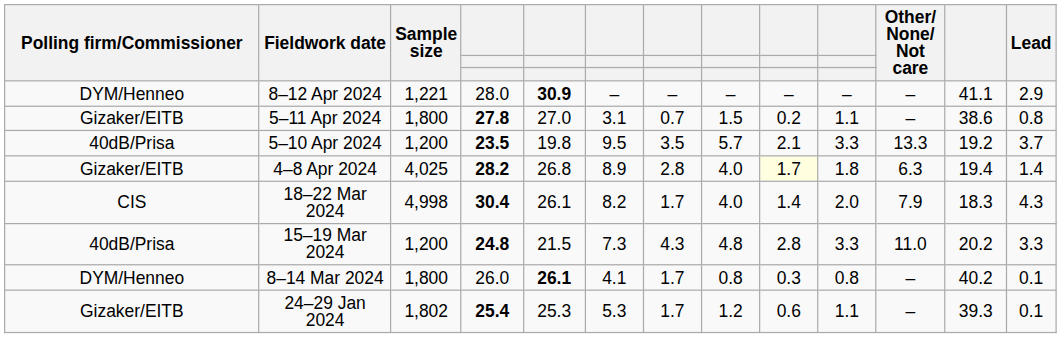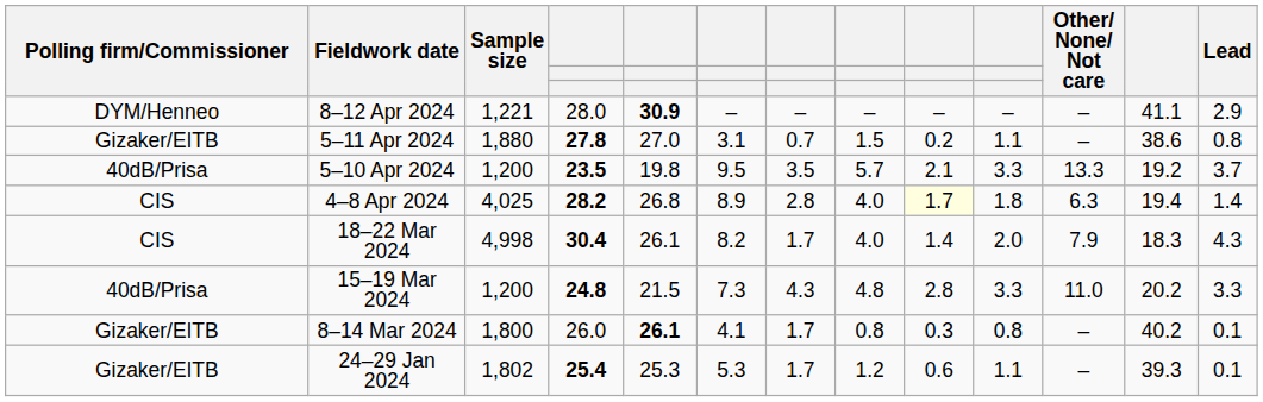 <table class="wikitable collapsible collapsed" style="text-align:center; font-size:90%; line-height:14px;">
 <tr style="height:42px;">
 <th style="width:250px;" rowspan="3">Polling firm/Commissioner</th>
 <th style="width:125px;" rowspan="3">Fieldwork date</th>
 <th style="width:50px;" rowspan="3">Sample size</th>
 <th style="width:55px;"></th>
 <th style="width:55px;"></th>
 <th style="width:55px;"></th>
 <th style="width:55px;"></th>
 <th style="width:55px;"></th>
 <th style="width:55px;"></th>
 <th style="width:55px;"></th>
 <th style="width:55px;" rowspan="3">Other/<br>None/<br>Not<br>care</th>
 <th style="width:55px;" rowspan="3"></th>
 <th style="width:30px;" rowspan="3">Lead</th>
 </tr>
 <tr>
 <th style="color:inherit;background:"></th>
 <th style="color:inherit;background:"></th>
 <th style="color:inherit;background:"></th>
 <th style="color:inherit;background:"></th>
 <th style="color:inherit;background:"></th>
 <th style="color:inherit;background:"></th>
 <th style="color:inherit;background:"></th>
 </tr>
 <tr>
 <th></th>
 <th></th>
 <th></th>
 <th></th>
 <th></th>
 <th></th>
 <th></th>
 </tr>
 <tr>
 <td>DYM/Henneo</td>
 <td>8–12 Apr 2024</td>
 <td>1,221</td>
 <td>28.0</td>
 <td><strong>30.9</strong></td>
 <td>–</td>
 <td>–</td>
 <td>–</td>
 <td>–</td>
 <td>–</td>
 <td>–</td>
 <td>41.1</td>
 <td style="background:">2.9</td>
 </tr>
 <tr>
 <td>Gizaker/EITB</td>
 <td>5–11 Apr 2024</td>
-<td>1,800</td>
+<td>1,880</td>
 <td><strong>27.8</strong></td>
 <td>27.0</td>
 <td>3.1</td>
 <td>0.7</td>
 <td>1.5</td>
 <td>0.2</td>
 <td>1.1</td>
 <td>–</td>
 <td>38.6</td>
 <td style="background:">0.8</td>
 </tr>
 <tr>
 <td>40dB/Prisa</td>
 <td>5–10 Apr 2024</td>
 <td>1,200</td>
 <td><strong>23.5</strong></td>
 <td>19.8</td>
 <td>9.5</td>
 <td>3.5</td>
 <td>5.7</td>
 <td>2.1</td>
 <td>3.3</td>
 <td>13.3</td>
 <td>19.2</td>
 <td style="background:">3.7</td>
 </tr>
 <tr>
-<td>Gizaker/EITB</td>
+<td>CIS</td>
 <td>4–8 Apr 2024</td>
 <td>4,025</td>
 <td><strong>28.2</strong></td>
 <td>26.8</td>
 <td>8.9</td>
 <td>2.8</td>
 <td>4.0</td>
 <td style="background: lightyellow;">1.7</td>
 <td>1.8</td>
 <td>6.3</td>
 <td>19.4</td>
 <td style="background:">1.4</td>
 </tr>
 <tr>
 <td>CIS</td>
 <td>18–22 Mar 2024</td>
 <td>4,998</td>
 <td><strong>30.4</strong></td>
 <td>26.1</td>
 <td>8.2</td>
 <td>1.7</td>
 <td>4.0</td>
 <td>1.4</td>
 <td>2.0</td>
 <td>7.9</td>
 <td>18.3</td>
 <td style="background:">4.3</td>
 </tr>
 <tr>
 <td>40dB/Prisa</td>
 <td>15–19 Mar 2024</td>
 <td>1,200</td>
 <td><strong>24.8</strong></td>
 <td>21.5</td>
 <td>7.3</td>
 <td>4.3</td>
 <td>4.8</td>
 <td>2.8</td>
 <td>3.3</td>
 <td>11.0</td>
 <td>20.2</td>
 <td style="background:">3.3</td>
 </tr>
 <tr>
-<td>DYM/Henneo</td>
+<td>Gizaker/EITB</td>
 <td>8–14 Mar 2024</td>
 <td>1,800</td>
 <td>26.0</td>
 <td><strong>26.1</strong></td>
 <td>4.1</td>
 <td>1.7</td>
 <td>0.8</td>
 <td>0.3</td>
 <td>0.8</td>
 <td>–</td>
 <td>40.2</td>
 <td style="background:">0.1</td>
 </tr>
 <tr>
 <td>Gizaker/EITB</td>
 <td>24–29 Jan 2024</td>
 <td>1,802</td>
 <td><strong>25.4</strong></td>
 <td>25.3</td>
 <td>5.3</td>
 <td>1.7</td>
 <td>1.2</td>
 <td>0.6</td>
 <td>1.1</td>
 <td>–</td>
 <td>39.3</td>
 <td style="background:">0.1</td>
 </tr>
 </table>
